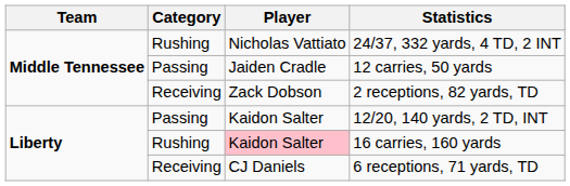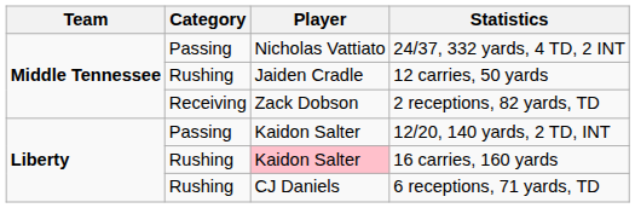 <table class="wikitable" style="float: right;">
 <tr>
 <th>Team</th>
 <th>Category</th>
 <th>Player</th>
 <th>Statistics</th>
 </tr>
 <tr>
 <td rowspan=3><strong>Middle Tennessee</strong></td>
-<td>Rushing</td>
+<td>Passing</td>
 <td>Nicholas Vattiato</td>
 <td>24/37, 332 yards, 4 TD, 2 INT</td>
 </tr>
 <tr>
-<td>Passing</td>
+<td>Rushing</td>
 <td>Jaiden Cradle</td>
 <td>12 carries, 50 yards</td>
 </tr>
 <tr>
 <td>Receiving</td>
 <td>Zack Dobson</td>
 <td>2 receptions, 82 yards, TD</td>
 </tr>
 <tr>
 <td rowspan=3><strong>Liberty</strong></td>
 <td>Passing</td>
 <td>Kaidon Salter</td>
 <td>12/20, 140 yards, 2 TD, INT</td>
 </tr>
 <tr>
 <td>Rushing</td>
 <td style="background: pink;">Kaidon Salter</td>
 <td>16 carries, 160 yards</td>
 </tr>
 <tr>
-<td>Receiving</td>
+<td>Rushing</td>
 <td>CJ Daniels</td>
 <td>6 receptions, 71 yards, TD</td>
 </tr>
 </table>
